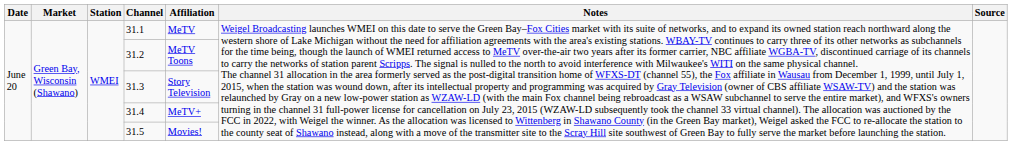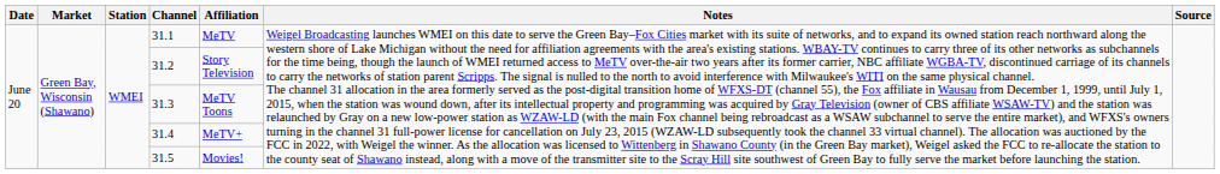 <table class="wikitable">
 <tr>
 <th>Date</th>
 <th>Market</th>
 <th>Station</th>
 <th>Channel</th>
 <th>Affiliation</th>
 <th>Notes</th>
 <th>Source</th>
 </tr>
 <tr>
 <td rowspan="5">June 20</td>
 <td rowspan="5'"><a href='#'>Green Bay, Wisconsin</a><br>(<a href='#'>Shawano</a>)</td>
 <td rowspan="5"><a href='#'>WMEI</a></td>
 <td>31.1</td>
 <td><a href='#'>MeTV</a></td>
 <td rowspan="5"><a href='#'>Weigel Broadcasting</a> launches WMEI on this date to serve the Green Bay–<a href='#'>Fox Cities</a> market with its suite of networks, and to expand its owned station reach northward along the western shore of Lake Michigan without the need for affiliation agreements with the area's existing stations. <a href='#'>WBAY-TV</a> continues to carry three of its other networks as subchannels for the time being, though the launch of WMEI returned access to <a href='#'>MeTV</a> over-the-air two years after its former carrier, NBC affiliate <a href='#'>WGBA-TV</a>, discontinued carriage of its channels to carry the networks of station parent <a href='#'>Scripps</a>. The signal is nulled to the north to avoid interference with Milwaukee's <a href='#'>WITI</a> on the same physical channel.<br>The channel 31 allocation in the area formerly served as the post-digital transition home of <a href='#'>WFXS-DT</a> (channel 55), the <a href='#'>Fox</a> affiliate in <a href='#'>Wausau</a> from December 1, 1999, until July 1, 2015, when the station was wound down, after its intellectual property and programming was acquired by <a href='#'>Gray Television</a> (owner of CBS affiliate <a href='#'>WSAW-TV</a>) and the station was relaunched by Gray on a new low-power station as <a href='#'>WZAW-LD</a> (with the main Fox channel being rebroadcast as a WSAW subchannel to serve the entire market), and WFXS's owners turning in the channel 31 full-power license for cancellation on July 23, 2015 (WZAW-LD subsequently took the channel 33 virtual channel). The allocation was auctioned by the FCC in 2022, with Weigel the winner. As the allocation was licensed to <a href='#'>Wittenberg</a> in <a href='#'>Shawano County</a> (in the Green Bay market), Weigel asked the FCC to re-allocate the station to the county seat of <a href='#'>Shawano</a> instead, along with a move of the transmitter site to the <a href='#'>Scray Hill</a> site southwest of Green Bay to fully serve the market before launching the station.</td>
 <td rowspan="5"><br></td>
 </tr>
 <tr>
 <td>31.2</td>
-<td><a href='#'>MeTV Toons</a></td>
+<td><a href='#'>Story Television</a></td>
 </tr>
 <tr>
 <td>31.3</td>
-<td><a href='#'>Story Television</a></td>
+<td><a href='#'>MeTV Toons</a></td>
 </tr>
 <tr>
 <td>31.4</td>
 <td><a href='#'>MeTV+</a></td>
 </tr>
 <tr>
 <td>31.5</td>
 <td><a href='#'>Movies!</a></td>
 </tr>
 </table>
